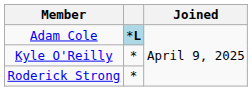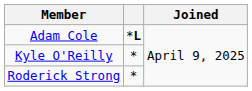 <table class="wikitable sortable" style="text-align:center;">
 <tr>
 <th>Member</th>
 <th></th>
 <th>Joined</th>
 </tr>
 <tr>
 <td><a href='#'>Adam Cole</a></td>
-<td style="background: lightblue;">*<strong>L</strong></td>
+<td>*<strong>L</strong></td>
 <td rowspan="3">April 9, 2025</td>
 </tr>
 <tr>
 <td><a href='#'>Kyle O'Reilly</a></td>
 <td>*</td>
 </tr>
 <tr>
 <td><a href='#'>Roderick Strong</a></td>
 <td>*</td>
 </tr>
 </table>
